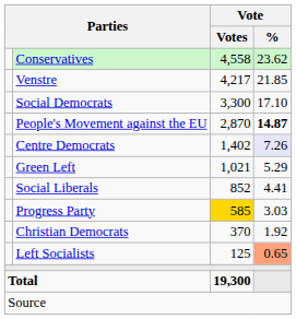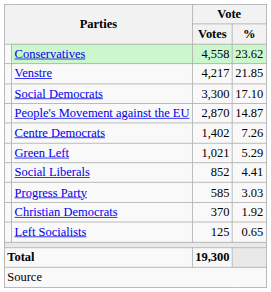 <table class="wikitable" style="text-align:right;">
 <tr>
 <th style="text-align:centre;" rowspan="2" colspan="2" width="225">Parties</th>
 <th colspan="3">Vote</th>
 </tr>
 <tr>
 <th width="15">Votes</th>
 <th width="15">%</th>
 </tr>
 <tr>
 <td width="2" style="color:inherit;background:"></td>
 <td bgcolor=#ccf7cc   align="left"><a href='#'>Conservatives</a></td>
 <td bgcolor=#ccf7cc>4,558</td>
 <td bgcolor=#ccf7cc>23.62</td>
 </tr>
 <tr>
 <td width="2" style="color:inherit;background:"></td>
 <td align="left"><a href='#'>Venstre</a></td>
 <td>4,217</td>
 <td>21.85</td>
 </tr>
 <tr>
 <td width="2" style="color:inherit;background:"></td>
 <td align="left"><a href='#'>Social Democrats</a></td>
 <td>3,300</td>
 <td>17.10</td>
 </tr>
 <tr>
 <td width="2" style="color:inherit;background:"></td>
 <td align="left"><a href='#'>People's Movement against the EU</a></td>
 <td>2,870</td>
-<td><strong>14.87</strong></td>
+<td>14.87</td>
 </tr>
 <tr>
 <td width="2" style="color:inherit;background:"></td>
 <td align="left"><a href='#'>Centre Democrats</a></td>
 <td>1,402</td>
-<td style="background: lavender;">7.26</td>
+<td>7.26</td>
 </tr>
 <tr>
 <td width="2" style="color:inherit;background:"></td>
 <td align="left"><a href='#'>Green Left</a></td>
 <td>1,021</td>
 <td>5.29</td>
 </tr>
 <tr>
 <td width="2" style="color:inherit;background:"></td>
 <td align="left"><a href='#'>Social Liberals</a></td>
 <td>852</td>
 <td>4.41</td>
 </tr>
 <tr>
 <td width="2" style="color:inherit;background:"></td>
 <td align="left"><a href='#'>Progress Party</a></td>
-<td style="background: gold;">585</td>
+<td>585</td>
 <td>3.03</td>
 </tr>
 <tr>
 <td width="2" style="color:inherit;background:"></td>
 <td align="left"><a href='#'>Christian Democrats</a></td>
 <td>370</td>
 <td>1.92</td>
 </tr>
 <tr>
 <td width="2" style="color:inherit;background:"></td>
 <td align="left"><a href='#'>Left Socialists</a></td>
 <td>125</td>
-<td style="background: lightsalmon;">0.65</td>
+<td>0.65</td>
 </tr>
 <tr>
 <td colspan="7" bgcolor="#E9E9E9"></td>
 </tr>
 <tr>
 <td align="left" colspan="2"><strong>Total</strong></td>
 <td><strong>19,300</strong></td>
 <td bgcolor="#E9E9E9" colspan="2"></td>
 </tr>
 <tr>
 <td align="left" colspan="6">Source</td>
 </tr>
 </table>
